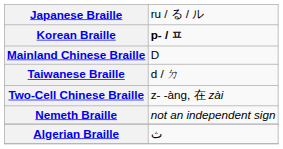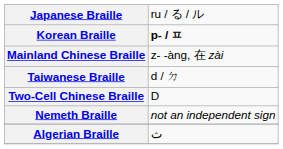 <table class="wikitable">
 <tr>
 <th align=left><a href='#'>Japanese Braille</a></th>
 <td>ru / る / ル </td>
 </tr>
 <tr>
 <th align=left><a href='#'>Korean Braille</a></th>
 <td><strong>p- / ㅍ </strong></td>
 </tr>
 <tr>
 <th align=left><a href='#'>Mainland Chinese Braille</a></th>
-<td>D </td>
+<td>z- -àng, 在 <em>zài</em></td>
 </tr>
 <tr>
 <th align=left><a href='#'>Taiwanese Braille</a></th>
 <td>d / ㄉ</td>
 </tr>
 <tr>
 <th align=left><a href='#'>Two-Cell Chinese Braille</a></th>
-<td>z- -àng, 在 <em>zài</em></td>
+<td>D </td>
 </tr>
 <tr>
 <th align=left><a href='#'>Nemeth Braille</a></th>
 <td><em>not an independent sign</em> </td>
 </tr>
 <tr>
 </tr>
 <tr>
 <th align=left><a href='#'>Algerian Braille</a></th>
 <td>ث ‎</td>
 </tr>
 <tr>
 </tr>
 </table>
